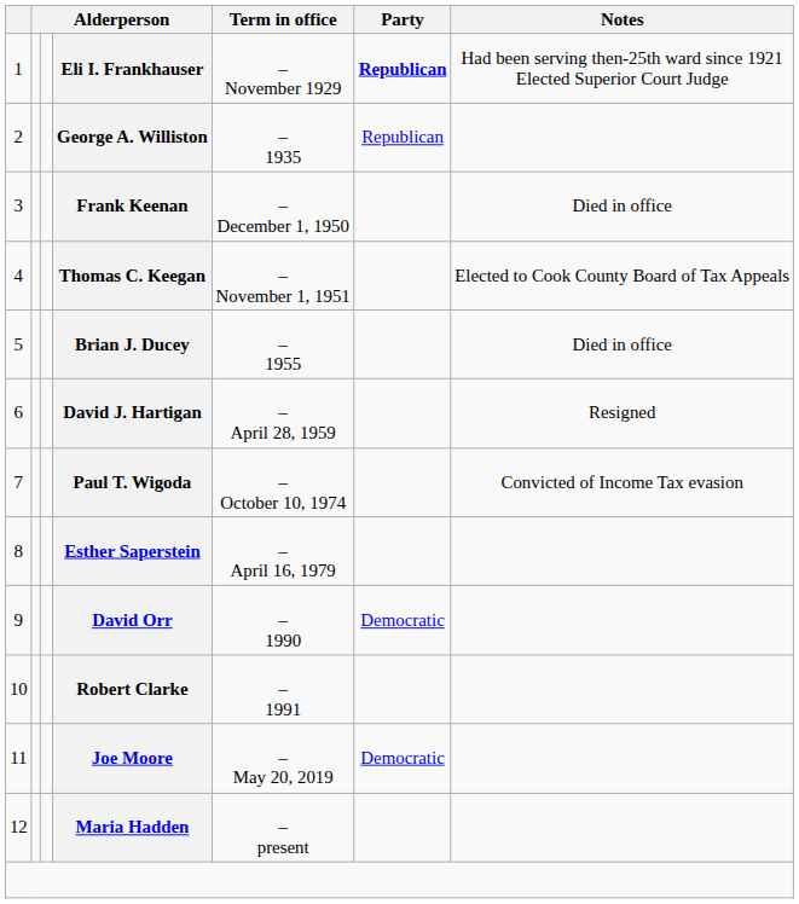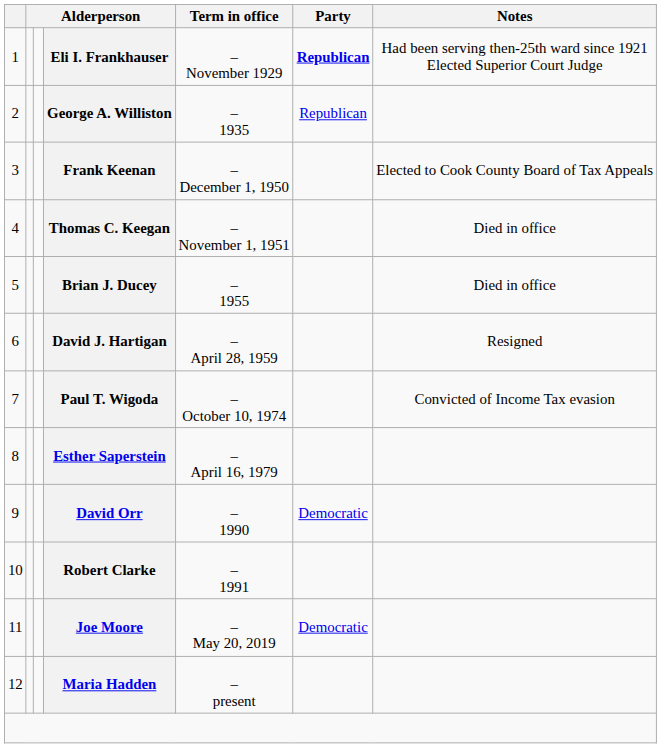 <table class="wikitable sortable" style="text-align:center;">
 <tr>
 <th scope="col"></th>
 <th scope="col" colspan="3">Alderperson</th>
 <th scope="col">Term in office</th>
 <th scope="col">Party</th>
 <th scope="col">Notes</th>
 </tr>
 <tr style="height:2em;">
 <td>1</td>
 <td></td>
 <td> </td>
 <th scope="row">Eli I. Frankhauser</th>
 <td><br>–<br>November 1929</td>
 <td><strong><a href='#'>Republican</a></strong></td>
 <td>Had been serving then-25th ward since 1921  <br> Elected Superior Court Judge</td>
 </tr>
 <tr style="height:2em;">
 <td>2</td>
 <td></td>
 <td> </td>
 <th scope="row">George A. Williston</th>
 <td><br>–<br>1935</td>
 <td><a href='#'>Republican</a></td>
 <td></td>
 </tr>
 <tr style="height:2em;">
 <td>3</td>
 <td></td>
 <td></td>
 <th scope="row">Frank Keenan</th>
 <td><br>–<br>December 1, 1950</td>
 <td></td>
-<td>Died in office</td>
+<td>Elected to Cook County Board of Tax Appeals</td>
 </tr>
 <tr style="height:2em;">
 <td>4</td>
 <td></td>
 <td></td>
 <th scope="row">Thomas C. Keegan</th>
 <td><br>–<br>November 1, 1951</td>
 <td></td>
-<td>Elected to Cook County Board of Tax Appeals</td>
+<td>Died in office</td>
 </tr>
 <tr style="height:2em;">
 <td>5</td>
 <td></td>
 <td></td>
 <th scope="row">Brian J. Ducey</th>
 <td><br>–<br>1955</td>
 <td></td>
 <td>Died in office</td>
 </tr>
 <tr style="height:2em;">
 <td>6</td>
 <td></td>
 <td></td>
 <th scope="row">David J. Hartigan</th>
 <td><br>–<br>April 28, 1959</td>
 <td></td>
 <td>Resigned</td>
 </tr>
 <tr style="height:2em;">
 <td>7</td>
 <td></td>
 <td></td>
 <th scope="row">Paul T. Wigoda</th>
 <td><br>–<br>October 10, 1974</td>
 <td></td>
 <td>Convicted of Income Tax evasion</td>
 </tr>
 <tr style="height:2em;">
 <td>8</td>
 <td></td>
 <td></td>
 <th scope="row"><a href='#'>Esther Saperstein</a></th>
 <td><br>–<br>April 16, 1979</td>
 <td></td>
 <td></td>
 </tr>
 <tr style="height:2em;">
 <td>9</td>
 <td></td>
 <td> </td>
 <th scope="row"><a href='#'>David Orr</a></th>
 <td><br>–<br>1990</td>
 <td><a href='#'>Democratic</a></td>
 <td></td>
 </tr>
 <tr style="height:2em;">
 <td>10</td>
 <td></td>
 <td></td>
 <th scope="row">Robert Clarke</th>
 <td><br>–<br>1991</td>
 <td></td>
 <td></td>
 </tr>
 <tr style="height:2em;">
 <td>11</td>
 <td></td>
 <td> </td>
 <th scope="row"><a href='#'>Joe Moore</a></th>
 <td><br>–<br>May 20, 2019</td>
 <td><a href='#'>Democratic</a></td>
 <td></td>
 </tr>
 <tr style="height:2em;">
 <td>12</td>
 <td></td>
 <td></td>
 <th scope="row"><a href='#'>Maria Hadden</a></th>
 <td><br>–<br>present</td>
 <td></td>
 <td></td>
 </tr>
 <tr style="height:2em;">
 </tr>
 </table>
